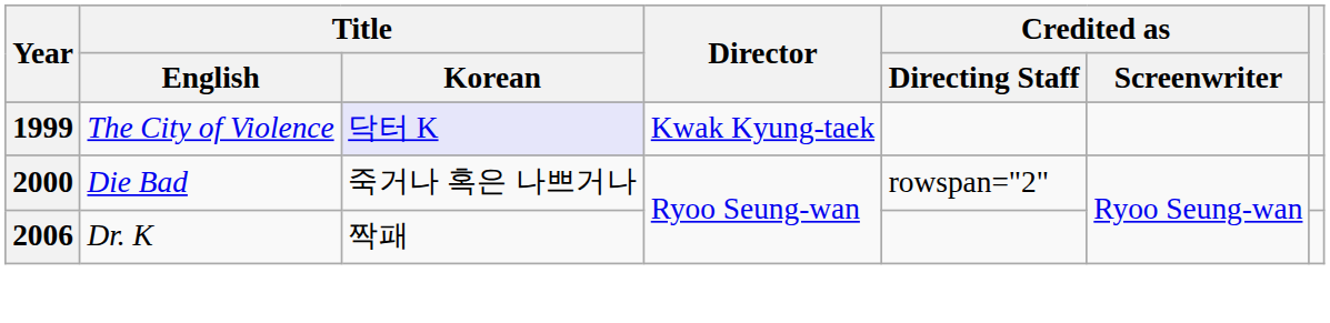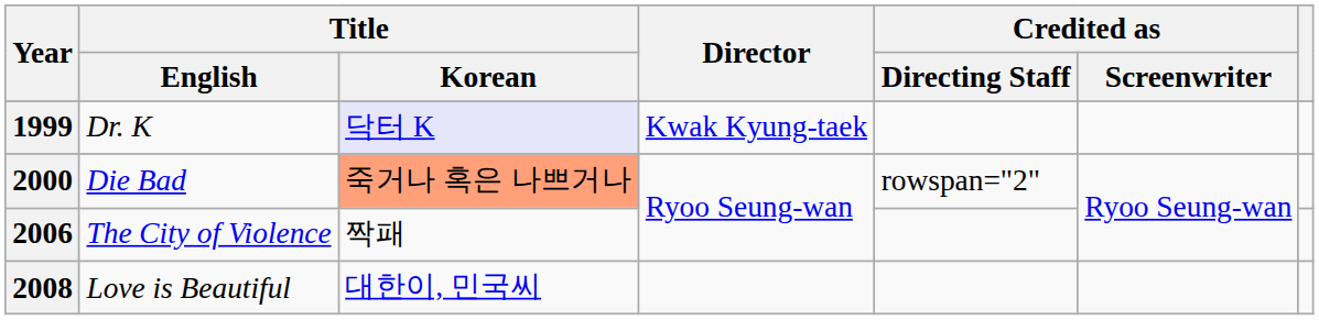 <table class="wikitable plainrowheaders">
 <tr>
 <th rowspan="2">Year</th>
 <th colspan="2">Title</th>
 <th rowspan="2">Director</th>
 <th colspan="2">Credited as</th>
 <th rowspan="2"></th>
 </tr>
 <tr>
 <th>English</th>
 <th>Korean</th>
 <th>Directing Staff</th>
 <th>Screenwriter</th>
 </tr>
 <tr>
 <th scope="row">1999</th>
-<td><em><a href='#'>The City of Violence</a></em></td>
+<td><em>Dr. K</em></td>
 <td style="background: lavender;"><a href='#'>닥터 K</a></td>
 <td><a href='#'>Kwak Kyung-taek</a></td>
 <td></td>
 <td></td>
 <td></td>
 </tr>
 <tr>
 <th scope="row">2000</th>
 <td><em><a href='#'>Die Bad</a></em></td>
-<td>죽거나 혹은 나쁘거나</td>
+<td style="background: lightsalmon;">죽거나 혹은 나쁘거나</td>
 <td rowspan="2"><a href='#'>Ryoo Seung-wan</a></td>
 <td>rowspan="2" </td>
 <td rowspan="2"><a href='#'>Ryoo Seung-wan</a></td>
 <td></td>
 </tr>
 <tr>
 <th scope="row">2006</th>
-<td><em>Dr. K</em></td>
+<td><em><a href='#'>The City of Violence</a></em></td>
 <td>짝패</td>
 <td></td>
 </tr>
+<tr>
+<th scope="row">2008</th>
+<td><em>Love is Beautiful</em></td>
+<td><a href='#'>대한이, 민국씨</a></td>
+<td></td>
+<td></td>
+<td></td>
+<td></td>
+</tr>
 </table>
